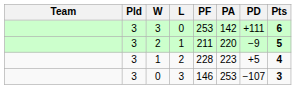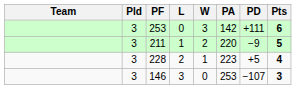 <table class=wikitable style="text-align:center">
 <tr>
 <th width=180>Team</th>
 <th width=30>Pld</th>
+<th width=30>PF</th>
+<th width=30>L</th>
 <th width=30>W</th>
-<th width=30>L</th>
-<th width=30>PF</th>
 <th width=30>PA</th>
 <th width=30>PD</th>
 <th width=30>Pts</th>
 </tr>
 <tr align=center bgcolor="#ccffcc">
 <td align=left></td>
 <td>3</td>
+<td>253</td>
+<td>0</td>
 <td>3</td>
-<td>0</td>
-<td>253</td>
 <td>142</td>
 <td>+111</td>
 <td><strong>6</strong></td>
 </tr>
 <tr align=center bgcolor="#ccffcc">
 <td align=left></td>
 <td>3</td>
+<td>211</td>
+<td>1</td>
 <td>2</td>
-<td>1</td>
-<td>211</td>
 <td>220</td>
 <td>−9</td>
 <td><strong>5</strong></td>
 </tr>
 <tr align=center>
 <td align=left></td>
 <td>3</td>
+<td>228</td>
+<td>2</td>
 <td>1</td>
-<td>2</td>
-<td>228</td>
 <td>223</td>
 <td>+5</td>
 <td><strong>4</strong></td>
 </tr>
 <tr align=center>
 <td align=left></td>
 <td>3</td>
+<td>146</td>
+<td>3</td>
 <td>0</td>
-<td>3</td>
-<td>146</td>
 <td>253</td>
 <td>−107</td>
 <td><strong>3</strong></td>
 </tr>
 </table>
